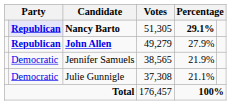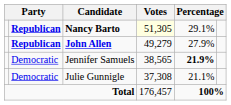 <table class="wikitable" style="text-align:right;">
 <tr style="background-color:#E9E9E9;text-align:center;">
 <th colspan=2>Party</th>
 <th>Candidate</th>
 <th>Votes</th>
 <th colspan=2>Percentage</th>
 </tr>
 <tr>
 <td style="background-color:"></td>
-<td style="background: lavender; text-align:left;"><strong><a href='#'>Republican</a></strong></td>
+<td style="text-align:left;"><strong><a href='#'>Republican</a></strong></td>
 <td style="text-align:left;"><strong>Nancy Barto</strong></td>
-<td style="text-align:right;">51,305</td>
-<td style="text-align:right;"><strong>29.1%</strong></td>
+<td style="background: lightyellow; text-align:right;">51,305</td>
+<td style="text-align:right;">29.1%</td>
 <td style="text-align:right;"><div><div> </div></div></td>
 </tr>
 <tr>
 <td style="background-color:"></td>
 <td style="text-align:left;"><strong><a href='#'>Republican</a></strong></td>
 <td style="text-align:left;"><strong><a href='#'>John Allen</a></strong></td>
 <td style="text-align:right;">49,279</td>
 <td style="text-align:right;">27.9%</td>
 <td style="text-align:right;"><div><div> </div></div></td>
 </tr>
 <tr>
 <td style="background-color:"></td>
 <td style="text-align:left;"><a href='#'>Democratic</a></td>
 <td style="text-align:left;">Jennifer Samuels</td>
 <td style="text-align:right;">38,565</td>
-<td style="text-align:right;">21.9%</td>
+<td style="text-align:right;"><strong>21.9%</strong></td>
 <td style="text-align:right;"><div><div> </div></div></td>
 </tr>
 <tr>
 <td style="background-color:"></td>
 <td style="text-align:left;"><a href='#'>Democratic</a></td>
 <td style="text-align:left;">Julie Gunnigle</td>
 <td style="text-align:right;">37,308</td>
 <td style="text-align:right;">21.1%</td>
 <td style="text-align:right;"><div><div> </div></div></td>
 </tr>
 <tr>
 <td colspan="3" style="text-align:right;"><strong>Total</strong></td>
 <td style="text-align:right;">176,457</td>
 <td style="text-align:right;" colspan=2><strong>100%</strong></td>
 </tr>
 </table>
